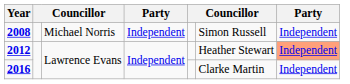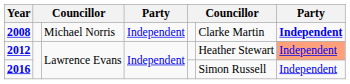 <table class="wikitable">
 <tr>
 <th>Year</th>
 <th colspan="2">Councillor</th>
 <th>Party</th>
 <th colspan="2">Councillor</th>
 <th>Party</th>
 </tr>
 <tr>
 <td><strong><a href='#'>2008</a></strong></td>
 <td rowspan="1" width="1px" > </td>
 <td rowspan="1">Michael Norris</td>
 <td rowspan="1"><a href='#'>Independent</a></td>
 <td rowspan="1" width="1px" > </td>
-<td rowspan="1">Simon Russell</td>
-<td rowspan="1"><a href='#'>Independent</a></td>
+<td rowspan="1">Clarke Martin</td>
+<td rowspan="1"><strong><a href='#'>Independent</a></strong></td>
 </tr>
 <tr>
 <td><strong><a href='#'>2012</a></strong></td>
 <td rowspan="2" width="1px" > </td>
 <td rowspan="2">Lawrence Evans</td>
 <td rowspan="2"><a href='#'>Independent</a></td>
 <td rowspan="1" width="1px" > </td>
 <td rowspan="1">Heather Stewart</td>
 <td rowspan="1" style="background: lightsalmon;"><a href='#'>Independent</a></td>
 </tr>
 <tr>
 <td><strong><a href='#'>2016</a></strong></td>
 <td rowspan="1" width="1px" > </td>
-<td rowspan="1">Clarke Martin</td>
+<td rowspan="1">Simon Russell</td>
 <td rowspan="1"><a href='#'>Independent</a></td>
 </tr>
 </table>
